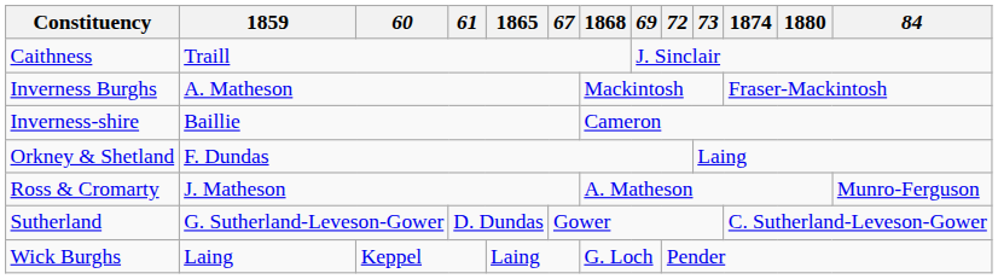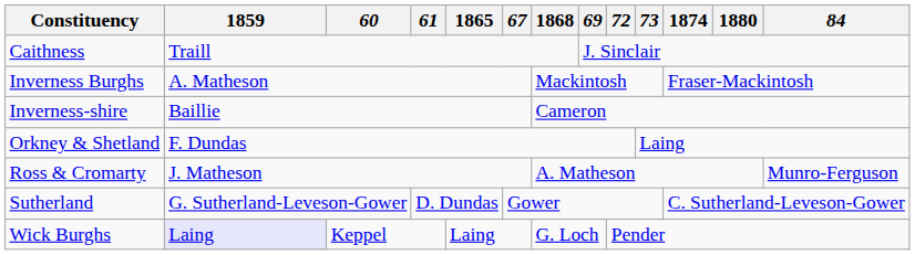 <table class="wikitable">
 <tr>
 <th>Constituency</th>
 <th>1859</th>
 <th><em>60</em></th>
 <th><em>61</em></th>
 <th>1865</th>
 <th><em>67</em></th>
 <th>1868</th>
 <th><em>69</em></th>
 <th><em>72</em></th>
 <th><em>73</em></th>
 <th>1874</th>
 <th>1880</th>
 <th><em>84</em></th>
 </tr>
 <tr>
 <td><a href='#'>Caithness</a></td>
 <td colspan="6"><a href='#'>Traill</a></td>
 <td colspan="6"><a href='#'>J. Sinclair</a></td>
 </tr>
 <tr>
 <td><a href='#'>Inverness Burghs</a></td>
 <td colspan="5"><a href='#'>A. Matheson</a></td>
 <td colspan="4"><a href='#'>Mackintosh</a></td>
 <td colspan="3"><a href='#'>Fraser-Mackintosh</a></td>
 </tr>
 <tr>
 <td><a href='#'>Inverness-shire</a></td>
 <td colspan="5"><a href='#'>Baillie</a></td>
 <td colspan="7"><a href='#'>Cameron</a></td>
 </tr>
 <tr>
 <td><a href='#'>Orkney & Shetland</a></td>
 <td colspan="8"><a href='#'>F. Dundas</a></td>
 <td colspan="4"><a href='#'>Laing</a></td>
 </tr>
 <tr>
 <td><a href='#'>Ross & Cromarty</a></td>
 <td colspan="5"><a href='#'>J. Matheson</a></td>
 <td colspan="6"><a href='#'>A. Matheson</a></td>
 <td><a href='#'>Munro-Ferguson</a></td>
 </tr>
 <tr>
 <td><a href='#'>Sutherland</a></td>
 <td colspan="2"><a href='#'>G. Sutherland-Leveson-Gower</a></td>
 <td colspan="2"><a href='#'>D. Dundas</a></td>
 <td colspan="5"><a href='#'>Gower</a></td>
 <td colspan="3"><a href='#'>C. Sutherland-Leveson-Gower</a></td>
 </tr>
 <tr>
 <td><a href='#'>Wick Burghs</a></td>
-<td><a href='#'>Laing</a></td>
+<td style="background: lavender;"><a href='#'>Laing</a></td>
 <td colspan="2"><a href='#'>Keppel</a></td>
 <td colspan="2"><a href='#'>Laing</a></td>
 <td colspan="2"><a href='#'>G. Loch</a></td>
 <td colspan="5"><a href='#'>Pender</a></td>
 </tr>
 </table>
